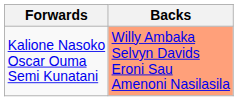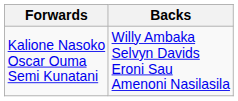 <table class=wikitable style="text-align: left;">
 <tr>
 <th align=center>Forwards</th>
 <th align=center>Backs</th>
 </tr>
 <tr>
 <td> <a href='#'>Kalione Nasoko</a> <br>  <a href='#'>Oscar Ouma</a> <br>  <a href='#'>Semi Kunatani</a></td>
-<td style="background: lightsalmon;"> <a href='#'>Willy Ambaka</a> <br>  <a href='#'>Selvyn Davids</a> <br>  <a href='#'>Eroni Sau</a> <br>  <a href='#'>Amenoni Nasilasila</a></td>
+<td> <a href='#'>Willy Ambaka</a> <br>  <a href='#'>Selvyn Davids</a> <br>  <a href='#'>Eroni Sau</a> <br>  <a href='#'>Amenoni Nasilasila</a></td>
 </tr>
 </table>
